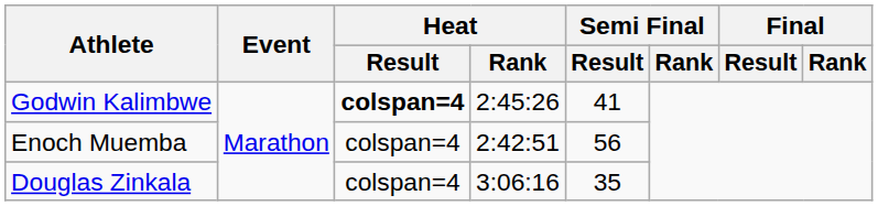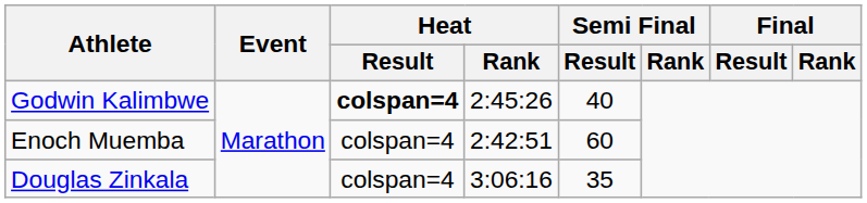 <table class=wikitable style="font-size:90%">
 <tr>
 <th rowspan="2">Athlete</th>
 <th rowspan="2">Event</th>
 <th colspan="2">Heat</th>
 <th colspan="2">Semi Final</th>
 <th colspan="2">Final</th>
 </tr>
 <tr style="font-size:95%">
 <th>Result</th>
 <th>Rank</th>
 <th>Result</th>
 <th>Rank</th>
 <th>Result</th>
 <th>Rank</th>
 </tr>
 <tr align=center>
 <td align=left><a href='#'>Godwin Kalimbwe</a></td>
 <td align=left rowspan=3><a href='#'>Marathon</a></td>
 <td><strong>colspan=4 </strong></td>
 <td>2:45:26</td>
-<td>41</td>
+<td>40</td>
 </tr>
 <tr align=center>
 <td align=left>Enoch Muemba</td>
 <td>colspan=4 </td>
 <td>2:42:51</td>
-<td>56</td>
+<td>60</td>
 </tr>
 <tr align=center>
 <td align=left><a href='#'>Douglas Zinkala</a></td>
 <td>colspan=4 </td>
 <td>3:06:16</td>
 <td>35</td>
 </tr>
 </table>
